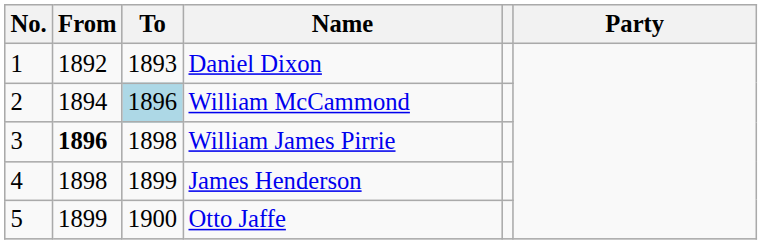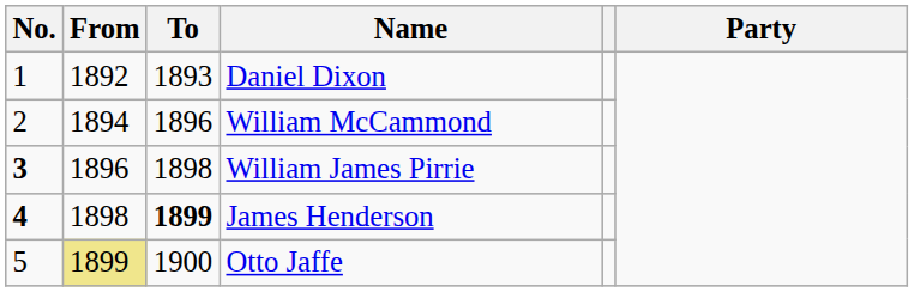 <table class="wikitable sortable">
 <tr>
 <th>No.</th>
 <th>From</th>
 <th>To</th>
 <th scope="col" width="200">Name</th>
 <th class="unsortable"></th>
 <th scope="col" width="150">Party</th>
 </tr>
 <tr>
 <td>1</td>
 <td>1892</td>
 <td>1893</td>
 <td><a href='#'>Daniel Dixon</a></td>
 <td></td>
 </tr>
 <tr>
 <td>2</td>
 <td>1894</td>
-<td style="background: lightblue;">1896</td>
+<td>1896</td>
 <td><a href='#'>William McCammond</a></td>
 <td></td>
 </tr>
 <tr>
-<td>3</td>
-<td><strong>1896</strong></td>
+<td><strong>3</strong></td>
+<td>1896</td>
 <td>1898</td>
 <td><a href='#'>William James Pirrie</a></td>
 <td></td>
 </tr>
 <tr>
-<td>4</td>
+<td><strong>4</strong></td>
 <td>1898</td>
-<td>1899</td>
+<td><strong>1899</strong></td>
 <td><a href='#'>James Henderson</a></td>
 <td></td>
 </tr>
 <tr>
 <td>5</td>
-<td>1899</td>
+<td style="background: khaki;">1899</td>
 <td>1900</td>
 <td><a href='#'>Otto Jaffe</a></td>
 <td></td>
 </tr>
 </table>
